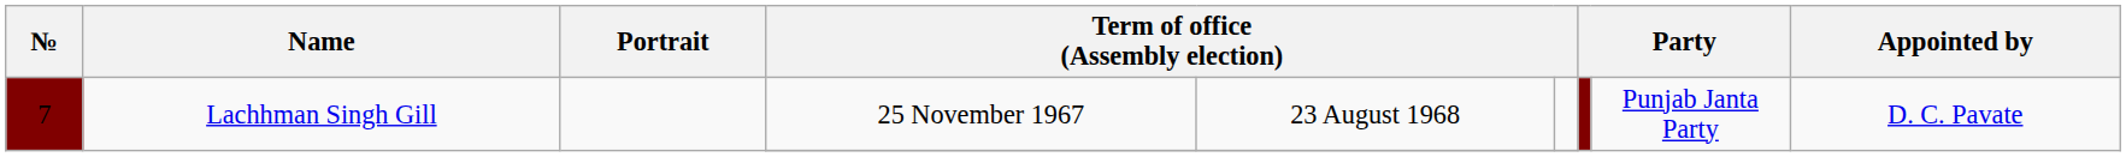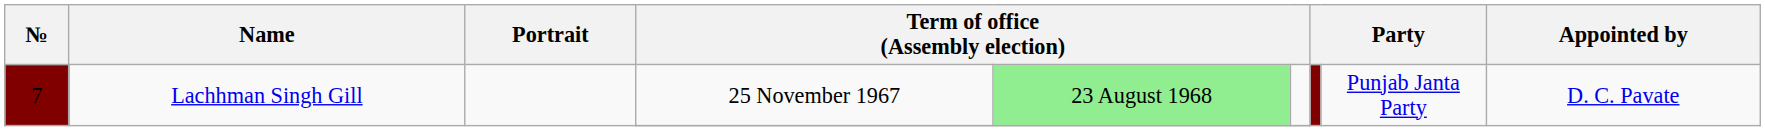 <table class="wikitable" style="width:100%; text-align:center">
 <tr>
 <th>№</th>
 <th>Name</th>
 <th>Portrait</th>
 <th colspan=3>Term of office <br>(Assembly election)</th>
 <th style="width:10%;" colspan=2>Party<br></th>
 <th>Appointed by </th>
 </tr>
 <tr>
 <td bgcolor=#800000 rowspan=3>7</td>
 <td rowspan=3><a href='#'>Lachhman Singh Gill</a><br></td>
 <td rowspan=3></td>
 <td>25 November 1967</td>
-<td>23 August 1968</td>
+<td style="background: lightgreen;">23 August 1968</td>
 <td></td>
 <td rowspan=2 style="background-color:#800000"></td>
 <td rowspan=2><a href='#'>Punjab Janta Party</a><br></td>
 <td rowspan=3><a href='#'>D. C. Pavate</a></td>
 </tr>
 <tr>
 </tr>
 </table>
